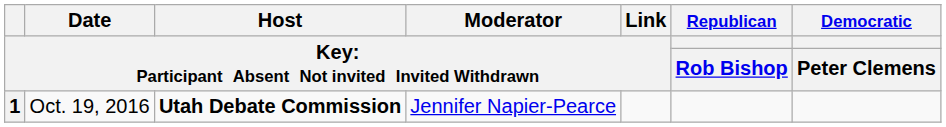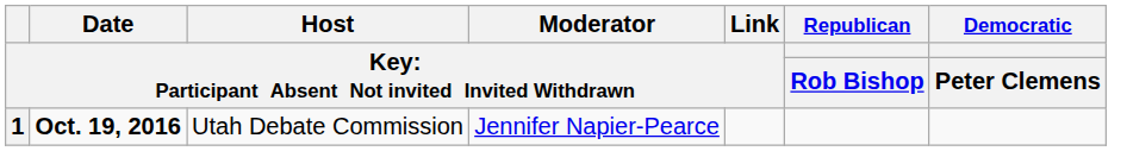 <table class="wikitable" style="text-align:center;">
 <tr>
 <th scope="col"></th>
 <th scope="col">Date</th>
 <th scope="col">Host</th>
 <th scope="col">Moderator</th>
 <th scope="col">Link</th>
 <th scope="col"><small><a href='#'>Republican</a></small></th>
 <th scope="col"><small><a href='#'>Democratic</a></small></th>
 </tr>
 <tr>
 <th colspan="5" rowspan="2">Key:<br> <small>Participant </small>  <small>Absent </small>  <small>Not invited </small>  <small>Invited  Withdrawn</small></th>
 <th scope="col" style="background:"></th>
 <th scope="col" style="background:"></th>
 </tr>
 <tr>
 <th scope="col"><a href='#'>Rob Bishop</a></th>
 <th scope="col">Peter Clemens</th>
 </tr>
 <tr>
 <th>1</th>
-<td style="white-space:nowrap;">Oct. 19, 2016</td>
-<td style="white-space:nowrap;"><strong>Utah Debate Commission</strong></td>
+<td style="white-space:nowrap;"><strong>Oct. 19, 2016</strong></td>
+<td style="white-space:nowrap;">Utah Debate Commission</td>
 <td style="white-space:nowrap;"><a href='#'>Jennifer Napier-Pearce</a></td>
 <td style="white-space:nowrap;"></td>
 <td></td>
 <td></td>
 </tr>
 </table>
